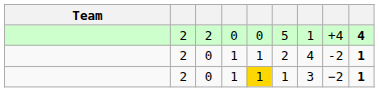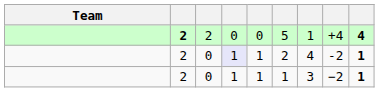 <table class="wikitable" style="text-align:center;">
 <tr>
 <th width="165">Team</th>
 <th width="20"></th>
 <th width="20"></th>
 <th width="20"></th>
 <th width="20"></th>
 <th width="20"></th>
 <th width="20"></th>
 <th width="20"></th>
 <th width="20"></th>
 </tr>
 <tr bgcolor="#ccffcc">
 <td align="left"></td>
-<td>2</td>
+<td><strong>2</strong></td>
 <td>2</td>
 <td>0</td>
 <td>0</td>
 <td>5</td>
 <td>1</td>
 <td>+4</td>
 <td><strong>4</strong></td>
 </tr>
 <tr>
 <td align="left"></td>
 <td>2</td>
 <td>0</td>
-<td>1</td>
+<td style="background: lavender;">1</td>
 <td>1</td>
 <td>2</td>
 <td>4</td>
 <td>-2</td>
 <td><strong>1</strong></td>
 </tr>
 <tr>
 <td align="left"></td>
 <td>2</td>
 <td>0</td>
 <td>1</td>
-<td style="background: gold;">1</td>
+<td>1</td>
 <td>1</td>
 <td>3</td>
 <td>−2</td>
 <td><strong>1</strong></td>
 </tr>
 </table>
